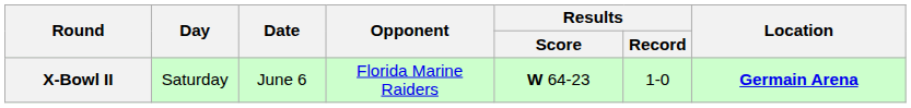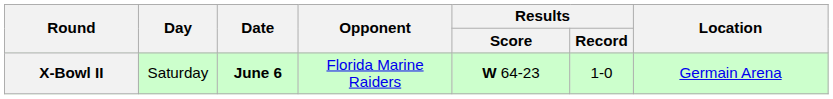 <table class="wikitable">
 <tr>
 <th rowspan="2" width="160">Round</th>
 <th rowspan="2" width="80">Day</th>
 <th rowspan="2" width="90">Date</th>
 <th rowspan="2" width="180">Opponent</th>
 <th colspan="2" width="200">Results</th>
 <th rowspan="2" width="240">Location</th>
 </tr>
 <tr>
 <th width="140">Score</th>
 <th width="60">Record</th>
 </tr>
 <tr align="center" bgcolor="#CCFFCC">
 <th>X-Bowl II</th>
 <td>Saturday</td>
-<td>June 6</td>
+<td><strong>June 6</strong></td>
 <td><a href='#'>Florida Marine Raiders</a></td>
 <td><strong>W</strong> 64-23</td>
 <td>1-0</td>
-<td><strong><a href='#'>Germain Arena</a></strong></td>
+<td><a href='#'>Germain Arena</a></td>
 </tr>
 </table>
